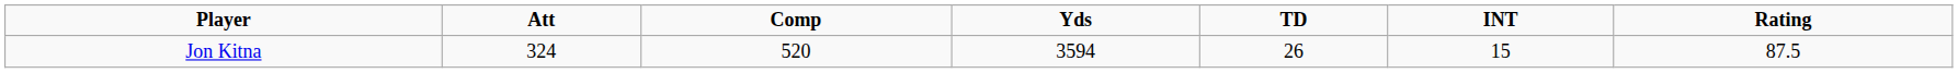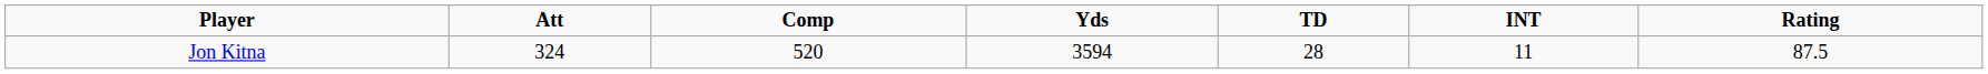 <table class="wikitable" style="width:80%;">
 <tr style="text-align:center; ">
 <td><strong>Player</strong></td>
 <td><strong>Att</strong></td>
 <td><strong>Comp</strong></td>
 <td><strong>Yds</strong></td>
 <td><strong>TD</strong></td>
 <td><strong>INT</strong></td>
 <td><strong>Rating</strong></td>
 </tr>
 <tr style="text-align:center;" bgcolor="">
 <td><a href='#'>Jon Kitna</a></td>
 <td>324</td>
 <td>520</td>
 <td>3594</td>
-<td>26</td>
-<td>15</td>
+<td>28</td>
+<td>11</td>
 <td>87.5</td>
 </tr>
 </table>
